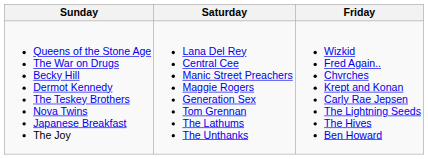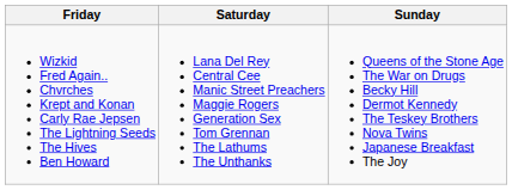 <table class="wikitable">
 <tr>
+<th>Friday</th>
+<th>Saturday</th>
 <th>Sunday</th>
-<th>Saturday</th>
-<th>Friday</th>
 </tr>
 <tr>
+<td><br><ul><li><a href='#'>Wizkid</a></li><li><a href='#'>Fred Again..</a></li><li><a href='#'>Chvrches</a></li><li><a href='#'>Krept and Konan</a></li><li><a href='#'>Carly Rae Jepsen</a></li><li><a href='#'>The Lightning Seeds</a></li><li><a href='#'>The Hives</a></li><li><a href='#'>Ben Howard</a></li></ul></td>
+<td><br><ul><li><a href='#'>Lana Del Rey</a></li><li><a href='#'>Central Cee</a></li><li><a href='#'>Manic Street Preachers</a></li><li><a href='#'>Maggie Rogers</a></li><li><a href='#'>Generation Sex</a></li><li><a href='#'>Tom Grennan</a></li><li><a href='#'>The Lathums</a></li><li><a href='#'>The Unthanks</a></li></ul></td>
 <td><br><ul><li><a href='#'>Queens of the Stone Age</a></li><li><a href='#'>The War on Drugs</a></li><li><a href='#'>Becky Hill</a></li><li><a href='#'>Dermot Kennedy</a></li><li><a href='#'>The Teskey Brothers</a></li><li><a href='#'>Nova Twins</a></li><li><a href='#'>Japanese Breakfast</a></li><li>The Joy</li></ul></td>
-<td><br><ul><li><a href='#'>Lana Del Rey</a></li><li><a href='#'>Central Cee</a></li><li><a href='#'>Manic Street Preachers</a></li><li><a href='#'>Maggie Rogers</a></li><li><a href='#'>Generation Sex</a></li><li><a href='#'>Tom Grennan</a></li><li><a href='#'>The Lathums</a></li><li><a href='#'>The Unthanks</a></li></ul></td>
-<td><br><ul><li><a href='#'>Wizkid</a></li><li><a href='#'>Fred Again..</a></li><li><a href='#'>Chvrches</a></li><li><a href='#'>Krept and Konan</a></li><li><a href='#'>Carly Rae Jepsen</a></li><li><a href='#'>The Lightning Seeds</a></li><li><a href='#'>The Hives</a></li><li><a href='#'>Ben Howard</a></li></ul></td>
 </tr>
 </table>
